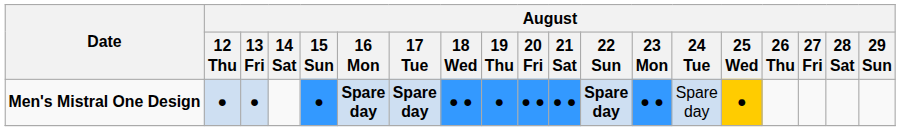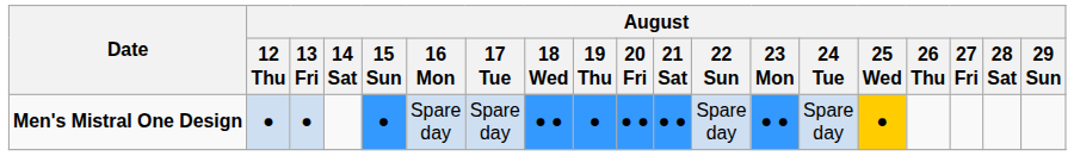 <table class="wikitable" style="margin:0.5em auto; font-size:90%; line-height:1.25em;">
 <tr>
 <th rowspan=2>Date</th>
 <th colspan=18>August</th>
 </tr>
 <tr>
 <th>12<br>Thu</th>
 <th>13<br>Fri</th>
 <th>14<br>Sat</th>
 <th>15<br>Sun</th>
 <th>16<br>Mon</th>
 <th>17<br>Tue</th>
 <th>18<br>Wed</th>
 <th>19<br>Thu</th>
 <th>20<br>Fri</th>
 <th>21<br>Sat</th>
 <th>22<br>Sun</th>
 <th>23<br>Mon</th>
 <th>24<br>Tue</th>
 <th>25<br>Wed</th>
 <th>26<br>Thu</th>
 <th>27<br>Fri</th>
 <th>28<br>Sat</th>
 <th>29<br>Sun</th>
 </tr>
 <tr align="center">
 <td align="center"><strong>Men's Mistral One Design</strong></td>
 <td bgcolor=#cedff2><span> ● </span></td>
 <td bgcolor=#cedff2><span> ● </span></td>
 <td></td>
 <td bgcolor=#3399ff><span> ● </span></td>
-<td bgcolor=#cedff2><strong>Spare<br>day</strong></td>
-<td bgcolor=#cedff2><strong>Spare<br>day</strong></td>
+<td bgcolor=#cedff2>Spare<br>day</td>
+<td bgcolor=#cedff2>Spare<br>day</td>
 <td bgcolor=#3399ff><span> ● ● </span></td>
 <td bgcolor=#3399ff><span> ● </span></td>
 <td bgcolor=#3399ff><span> ● ● </span></td>
 <td bgcolor=#3399ff><span> ● ● </span></td>
-<td bgcolor=#cedff2><strong>Spare<br>day</strong></td>
+<td bgcolor=#cedff2>Spare<br>day</td>
 <td bgcolor=#3399ff><span> ● ● </span></td>
 <td bgcolor=#cedff2>Spare<br>day</td>
 <td bgcolor=#ffcc00><span> ● </span></td>
 <td></td>
 <td></td>
 <td></td>
 <td></td>
 </tr>
 <tr align="center">
 </tr>
 </table>
